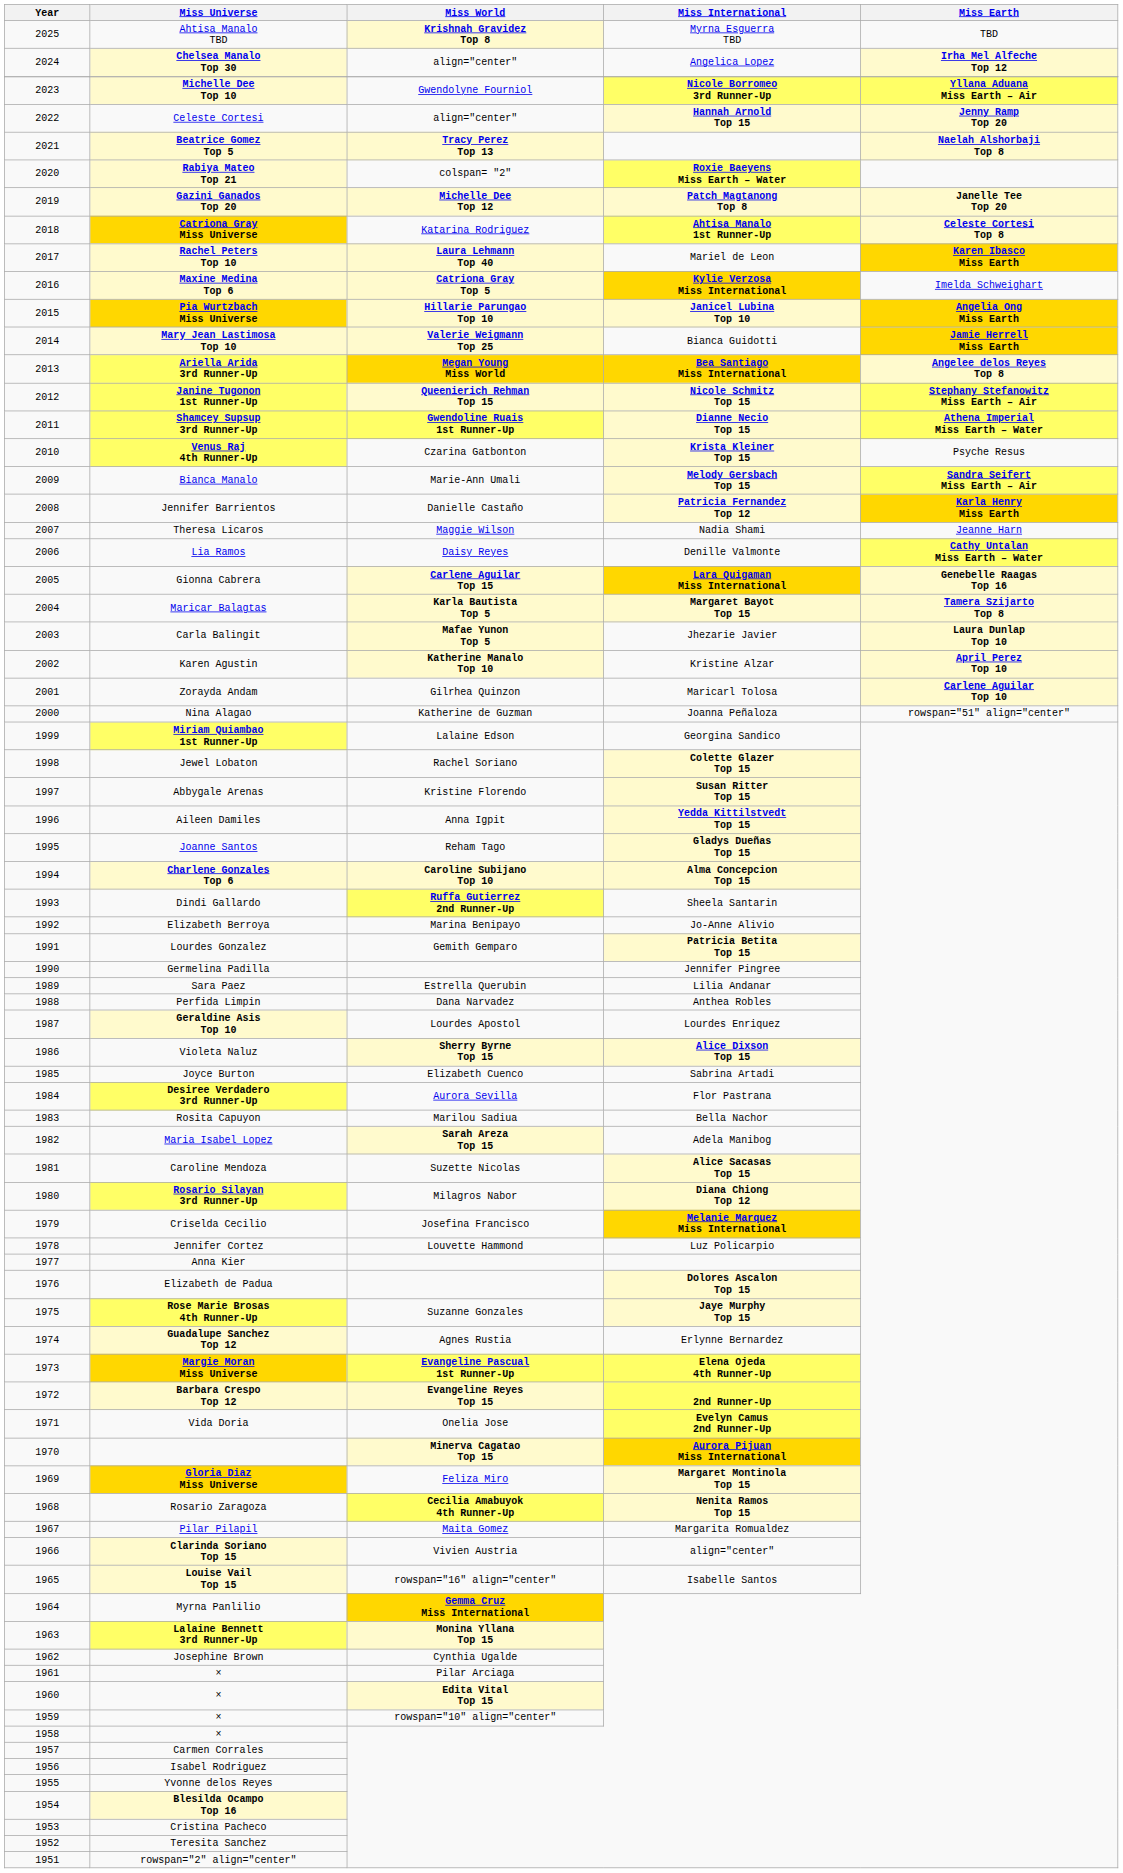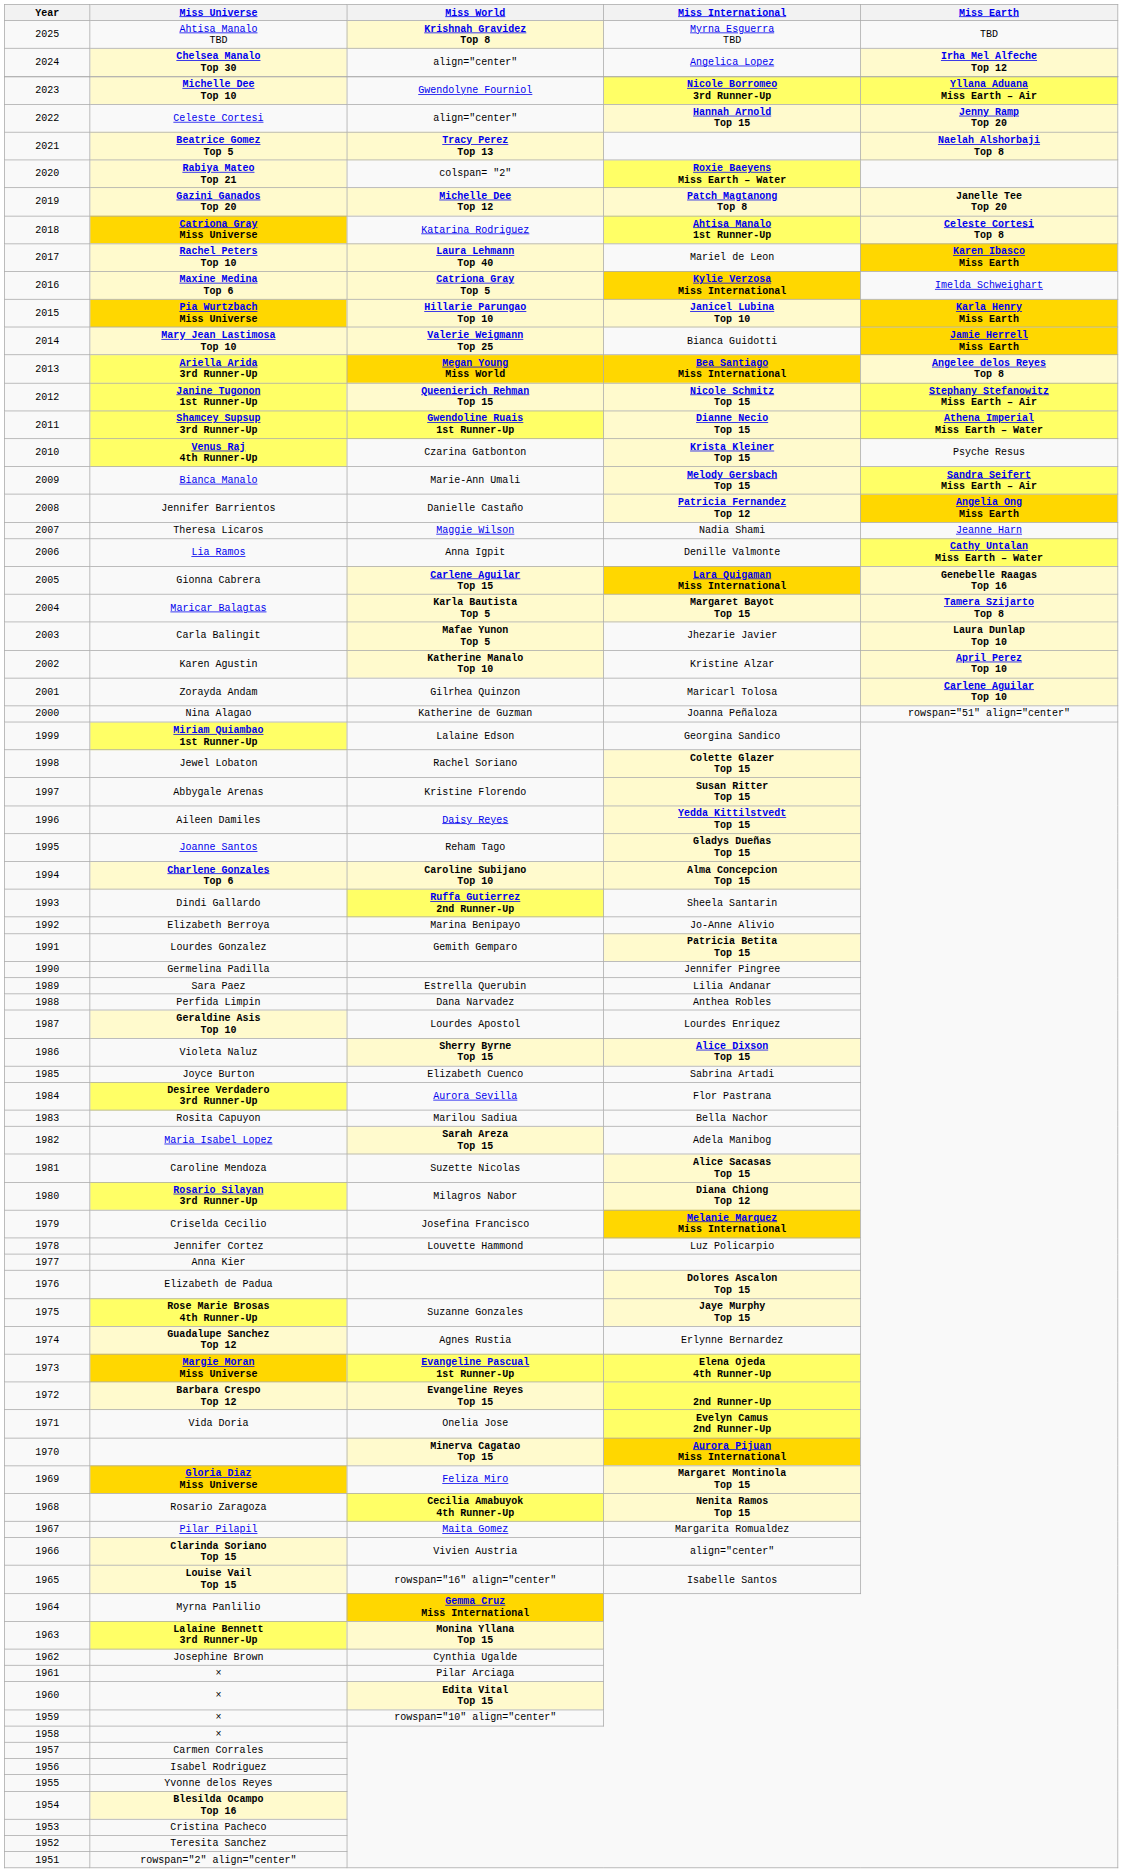 <table class="sortable wikitable" align="center">
 <tr>
 <th width=5%>Year</th>
 <th width=15%><a href='#'>Miss Universe</a></th>
 <th width=15%><a href='#'>Miss World</a></th>
 <th width=15%><a href='#'>Miss International</a></th>
 <th width=15%><a href='#'>Miss Earth</a></th>
 </tr>
 <tr align="center">
 <td>2025</td>
 <td><a href='#'>Ahtisa Manalo</a><br> TBD</td>
 <td bgcolor="#FFFACD"><strong><a href='#'>Krishnah Gravidez</a><br> Top 8</strong></td>
 <td><a href='#'>Myrna Esguerra</a><br>TBD</td>
 <td>TBD</td>
 </tr>
 <tr align="center">
 <td>2024</td>
 <td bgcolor="#FFFACD"><strong><a href='#'>Chelsea Manalo</a><br>Top 30</strong></td>
 <td>align="center" </td>
 <td><a href='#'>Angelica Lopez</a></td>
 <td bgcolor="#FFFACD"><strong><a href='#'>Irha Mel Alfeche</a> <br> Top 12</strong></td>
 </tr>
 <tr align="center">
 </tr>
 <tr align="center">
 <td>2023</td>
 <td bgcolor="#FFFACD"><strong><a href='#'>Michelle Dee</a><br>Top 10</strong></td>
 <td><a href='#'>Gwendolyne Fourniol</a></td>
 <td bgcolor="#FFFF66"><strong><a href='#'>Nicole Borromeo</a><br>3rd Runner-Up</strong></td>
 <td bgcolor="#FFFF66"><strong><a href='#'>Yllana Aduana</a> <br>Miss Earth – Air</strong></td>
 </tr>
 <tr align="center">
 <td>2022</td>
 <td><a href='#'>Celeste Cortesi</a></td>
 <td>align="center" </td>
 <td bgcolor="#FFFACD"><strong><a href='#'>Hannah Arnold</a><br>Top 15</strong></td>
 <td bgcolor="#FFFACD"><strong><a href='#'>Jenny Ramp</a> <br> Top 20</strong></td>
 </tr>
 <tr align="center">
 <td>2021</td>
 <td bgcolor="#FFFACD"><strong><a href='#'>Beatrice Gomez</a></strong><br><strong>Top 5</strong></td>
 <td bgcolor="#FFFACD"><strong><a href='#'>Tracy Perez</a><br> Top 13</strong></td>
 <td></td>
 <td bgcolor="#FFFACD"><strong><a href='#'>Naelah Alshorbaji</a><br>Top 8</strong></td>
 </tr>
 <tr align="center">
 <td>2020</td>
 <td bgcolor="#FFFACD"><strong><a href='#'>Rabiya Mateo</a> <br>Top 21</strong></td>
 <td>colspan= "2"</td>
 <td bgcolor="#FFFF66"><strong><a href='#'>Roxie Baeyens</a> <br>Miss Earth – Water</strong></td>
 </tr>
 <tr align="center">
 <td>2019</td>
 <td bgcolor="#FFFACD"><strong><a href='#'>Gazini Ganados</a><br>Top 20</strong></td>
 <td bgcolor="#FFFACD"><strong><a href='#'>Michelle Dee</a><br> Top 12</strong></td>
 <td bgcolor="#FFFACD"><strong><a href='#'>Patch Magtanong</a> <br> Top 8</strong></td>
 <td bgcolor="#FFFACD"><strong>Janelle Tee <br> Top 20</strong></td>
 </tr>
 <tr align="center">
 <td>2018</td>
 <td bgcolor="Gold"><strong><a href='#'>Catriona Gray</a><br>Miss Universe</strong></td>
 <td><a href='#'>Katarina Rodriguez</a></td>
 <td bgcolor="#FFFF66"><strong><a href='#'>Ahtisa Manalo</a> <br> 1st Runner-Up</strong></td>
 <td bgcolor="#FFFACD"><strong><a href='#'>Celeste Cortesi</a> <br> Top 8</strong></td>
 </tr>
 <tr align="center">
 <td>2017</td>
 <td bgcolor="#FFFACD"><strong><a href='#'>Rachel Peters</a> <br> Top 10</strong></td>
 <td bgcolor="#FFFACD"><strong><a href='#'>Laura Lehmann</a> <br> Top 40</strong></td>
 <td>Mariel de Leon</td>
 <td bgcolor="Gold"><strong><a href='#'>Karen Ibasco</a><br>Miss Earth</strong></td>
 </tr>
 <tr align="center">
 <td>2016</td>
 <td bgcolor="#FFFACD"><strong><a href='#'>Maxine Medina</a> <br> Top 6</strong></td>
 <td bgcolor="#FFFACD"><strong><a href='#'>Catriona Gray</a> <br> Top 5</strong></td>
 <td bgcolor="Gold"><strong><a href='#'>Kylie Verzosa</a><br>Miss International</strong></td>
 <td align="center"><a href='#'>Imelda Schweighart</a></td>
 </tr>
 <tr align="center">
 <td>2015</td>
 <td bgcolor="Gold"><strong><a href='#'>Pia Wurtzbach</a> <br>Miss Universe</strong></td>
 <td bgcolor="#FFFACD"><strong><a href='#'>Hillarie Parungao</a> <br> Top 10</strong></td>
 <td bgcolor="#FFFACD"><strong><a href='#'>Janicel Lubina</a> <br> Top 10</strong></td>
-<td bgcolor="Gold"><strong><a href='#'>Angelia Ong</a> <br>Miss Earth</strong></td>
+<td bgcolor="Gold"><strong><a href='#'>Karla Henry</a> <br>Miss Earth</strong></td>
 </tr>
 <tr align="center">
 <td>2014</td>
 <td bgcolor="#FFFACD"><strong><a href='#'>Mary Jean Lastimosa</a> <br> Top 10</strong></td>
 <td bgcolor="#FFFACD"><strong><a href='#'>Valerie Weigmann</a> <br> Top 25</strong></td>
 <td>Bianca Guidotti</td>
 <td bgcolor="Gold"><strong><a href='#'>Jamie Herrell</a><br>Miss Earth</strong></td>
 </tr>
 <tr align="center">
 <td>2013</td>
 <td bgcolor="#FFFF66"><strong><a href='#'>Ariella Arida</a> <br> 3rd Runner-Up</strong></td>
 <td bgcolor="Gold"><strong><a href='#'>Megan Young</a><br>Miss World</strong></td>
 <td bgcolor="Gold"><strong><a href='#'>Bea Santiago</a> <br>Miss International</strong></td>
 <td bgcolor="#FFFACD"><strong><a href='#'>Angelee delos Reyes</a> <br> Top 8</strong></td>
 </tr>
 <tr align="center">
 <td>2012</td>
 <td bgcolor="#FFFF66"><strong><a href='#'>Janine Tugonon</a> <br> 1st Runner-Up</strong></td>
 <td bgcolor="#FFFACD"><strong><a href='#'>Queenierich Rehman</a> <br> Top 15</strong></td>
 <td bgcolor="#FFFACD"><strong><a href='#'>Nicole Schmitz</a> <br> Top 15</strong></td>
 <td bgcolor="#FFFF66"><strong><a href='#'>Stephany Stefanowitz</a> <br>Miss Earth – Air</strong></td>
 </tr>
 <tr align="center">
 <td>2011</td>
 <td bgcolor="#FFFF66"><strong><a href='#'>Shamcey Supsup</a> <br> 3rd Runner-Up</strong></td>
 <td bgcolor="#FFFF66"><strong><a href='#'>Gwendoline Ruais</a> <br> 1st Runner-Up</strong></td>
 <td bgcolor="#FFFACD"><strong><a href='#'>Dianne Necio</a> <br> Top 15</strong></td>
 <td bgcolor="#FFFF66"><strong><a href='#'>Athena Imperial</a> <br> Miss Earth – Water</strong></td>
 </tr>
 <tr align="center">
 <td>2010</td>
 <td bgcolor="#FFFF66"><strong><a href='#'>Venus Raj</a> <br> 4th Runner-Up</strong></td>
 <td>Czarina Gatbonton</td>
 <td bgcolor="#FFFACD"><strong><a href='#'>Krista Kleiner</a> <br> Top 15</strong></td>
 <td>Psyche Resus</td>
 </tr>
 <tr align="center">
 <td>2009</td>
 <td><a href='#'>Bianca Manalo</a></td>
 <td>Marie-Ann Umali</td>
 <td bgcolor="#FFFACD"><strong><a href='#'>Melody Gersbach</a> <br> Top 15</strong></td>
 <td bgcolor="#FFFF66"><strong><a href='#'>Sandra Seifert</a> <br> Miss Earth – Air</strong></td>
 </tr>
 <tr align="center">
 <td>2008</td>
 <td>Jennifer Barrientos</td>
 <td>Danielle Castaño</td>
 <td bgcolor="#FFFACD"><strong><a href='#'>Patricia Fernandez</a> <br> Top 12</strong></td>
-<td bgcolor="Gold"><strong><a href='#'>Karla Henry</a> <br>Miss Earth</strong></td>
+<td bgcolor="Gold"><strong><a href='#'>Angelia Ong</a> <br>Miss Earth</strong></td>
 </tr>
 <tr align="center">
 <td>2007</td>
 <td>Theresa Licaros</td>
 <td><a href='#'>Maggie Wilson</a></td>
 <td>Nadia Shami</td>
 <td><a href='#'>Jeanne Harn</a></td>
 </tr>
 <tr align="center">
 <td>2006</td>
 <td><a href='#'>Lia Ramos</a></td>
-<td align="center"><a href='#'>Daisy Reyes</a></td>
+<td>Anna Igpit</td>
 <td>Denille Valmonte</td>
 <td bgcolor="#FFFF66"><strong><a href='#'>Cathy Untalan</a> <br> Miss Earth – Water</strong></td>
 </tr>
 <tr align="center">
 <td>2005</td>
 <td align="center">Gionna Cabrera</td>
 <td bgcolor="#FFFACD"><strong><a href='#'>Carlene Aguilar</a> <br> Top 15</strong></td>
 <td bgcolor="Gold"><strong><a href='#'>Lara Quigaman</a> <br>Miss International</strong></td>
 <td bgcolor="#FFFACD"><strong>Genebelle Raagas <br> Top 16</strong></td>
 </tr>
 <tr align="center">
 <td>2004</td>
 <td><a href='#'>Maricar Balagtas</a></td>
 <td bgcolor="#FFFACD"><strong>Karla Bautista<br> Top 5</strong></td>
 <td bgcolor="#FFFACD"><strong>Margaret Bayot<br> Top 15</strong></td>
 <td bgcolor="#FFFACD"><strong><a href='#'>Tamera Szijarto</a><br> Top 8</strong></td>
 </tr>
 <tr align="center">
 <td>2003</td>
 <td>Carla Balingit</td>
 <td bgcolor="#FFFACD"><strong>Mafae Yunon <br> Top 5</strong></td>
 <td>Jhezarie Javier</td>
 <td bgcolor="#FFFACD"><strong>Laura Dunlap <br> Top 10</strong></td>
 </tr>
 <tr align="center">
 <td>2002</td>
 <td>Karen Agustin</td>
 <td bgcolor="#FFFACD"><strong>Katherine Manalo <br> Top 10</strong></td>
 <td>Kristine Alzar</td>
 <td bgcolor="#FFFACD"><strong><a href='#'>April Perez</a> <br> Top 10</strong></td>
 </tr>
 <tr align="center">
 <td>2001</td>
 <td>Zorayda Andam</td>
 <td>Gilrhea Quinzon</td>
 <td>Maricarl Tolosa</td>
 <td bgcolor="#FFFACD"><strong><a href='#'>Carlene Aguilar</a><br> Top 10</strong></td>
 </tr>
 <tr align="center">
 <td>2000</td>
 <td>Nina Alagao</td>
 <td>Katherine de Guzman</td>
 <td>Joanna Peñaloza</td>
 <td>rowspan="51" align="center" </td>
 </tr>
 <tr align="center">
 <td>1999</td>
 <td bgcolor="#FFFF66"><strong><a href='#'>Miriam Quiambao</a><br> 1st Runner-Up</strong></td>
 <td>Lalaine Edson</td>
 <td>Georgina Sandico</td>
 </tr>
 <tr align="center">
 <td>1998</td>
 <td>Jewel Lobaton</td>
 <td>Rachel Soriano</td>
 <td bgcolor="#FFFACD"><strong>Colette Glazer <br> Top 15</strong></td>
 </tr>
 <tr align="center">
 <td>1997</td>
 <td>Abbygale Arenas</td>
 <td>Kristine Florendo</td>
 <td bgcolor="#FFFACD"><strong>Susan Ritter<br>Top 15</strong></td>
 </tr>
 <tr align="center">
 <td>1996</td>
 <td align="center">Aileen Damiles</td>
-<td>Anna Igpit</td>
+<td align="center"><a href='#'>Daisy Reyes</a></td>
 <td bgcolor="#FFFACD"><strong><a href='#'>Yedda Kittilstvedt</a><br>Top 15</strong></td>
 </tr>
 <tr align="center">
 <td>1995</td>
 <td><a href='#'>Joanne Santos</a></td>
 <td>Reham Tago</td>
 <td bgcolor="#FFFACD"><strong>Gladys Dueñas<br>Top 15</strong></td>
 </tr>
 <tr align="center">
 <td>1994</td>
 <td bgcolor="#FFFACD"><strong><a href='#'>Charlene Gonzales</a><br>Top 6</strong></td>
 <td bgcolor="#FFFACD"><strong>Caroline Subijano<br>Top 10</strong></td>
 <td bgcolor="#FFFACD"><strong>Alma Concepcion<br>Top 15</strong></td>
 </tr>
 <tr align="center">
 <td>1993</td>
 <td>Dindi Gallardo</td>
 <td bgcolor="#FFFF66"><strong><a href='#'>Ruffa Gutierrez</a><br>2nd Runner-Up</strong></td>
 <td>Sheela Santarin</td>
 </tr>
 <tr align="center">
 <td>1992</td>
 <td>Elizabeth Berroya</td>
 <td>Marina Benipayo</td>
 <td>Jo-Anne Alivio</td>
 </tr>
 <tr align="center">
 <td>1991</td>
 <td>Lourdes Gonzalez</td>
 <td>Gemith Gemparo</td>
 <td bgcolor="#FFFACD"><strong>Patricia Betita<br>Top 15</strong></td>
 </tr>
 <tr align="center">
 <td>1990</td>
 <td>Germelina Padilla</td>
 <td></td>
 <td>Jennifer Pingree</td>
 </tr>
 <tr align="center">
 <td>1989</td>
 <td>Sara Paez</td>
 <td>Estrella Querubin</td>
 <td>Lilia Andanar</td>
 </tr>
 <tr align="center">
 <td>1988</td>
 <td>Perfida Limpin</td>
 <td>Dana Narvadez</td>
 <td>Anthea Robles</td>
 </tr>
 <tr align="center">
 <td>1987</td>
 <td bgcolor="#FFFACD"><strong>Geraldine Asis<br>Top 10</strong></td>
 <td>Lourdes Apostol</td>
 <td>Lourdes Enriquez</td>
 </tr>
 <tr align="center">
 <td>1986</td>
 <td>Violeta Naluz</td>
 <td bgcolor="#FFFACD"><strong>Sherry Byrne<br>Top 15</strong></td>
 <td bgcolor="#FFFACD"><strong><a href='#'>Alice Dixson</a><br>Top 15</strong></td>
 </tr>
 <tr align="center">
 <td>1985</td>
 <td>Joyce Burton</td>
 <td>Elizabeth Cuenco</td>
 <td>Sabrina Artadi</td>
 </tr>
 <tr align="center">
 <td>1984</td>
 <td bgcolor="#FFFF66"><strong>Desiree Verdadero<br>3rd Runner-Up</strong></td>
 <td><a href='#'>Aurora Sevilla</a></td>
 <td>Flor Pastrana</td>
 </tr>
 <tr align="center">
 <td>1983</td>
 <td>Rosita Capuyon</td>
 <td>Marilou Sadiua</td>
 <td>Bella Nachor</td>
 </tr>
 <tr align="center">
 <td>1982</td>
 <td><a href='#'>Maria Isabel Lopez</a></td>
 <td bgcolor="#FFFACD"><strong>Sarah Areza<br>Top 15</strong></td>
 <td>Adela Manibog</td>
 </tr>
 <tr align="center">
 <td>1981</td>
 <td>Caroline Mendoza</td>
 <td>Suzette Nicolas</td>
 <td bgcolor="#FFFACD"><strong>Alice Sacasas<br>Top 15</strong></td>
 </tr>
 <tr align="center">
 <td>1980</td>
 <td bgcolor="#FFFF66"><strong><a href='#'>Rosario Silayan</a><br>3rd Runner-Up</strong></td>
 <td>Milagros Nabor</td>
 <td bgcolor="#FFFACD"><strong>Diana Chiong <br>Top 12</strong></td>
 </tr>
 <tr align="center">
 <td>1979</td>
 <td>Criselda Cecilio</td>
 <td>Josefina Francisco</td>
 <td bgcolor="Gold"><strong><a href='#'>Melanie Marquez</a><br>Miss International</strong></td>
 </tr>
 <tr align="center">
 <td>1978</td>
 <td>Jennifer Cortez</td>
 <td align="center">Louvette Hammond</td>
 <td>Luz Policarpio</td>
 </tr>
 <tr align="center">
 <td>1977</td>
 <td>Anna Kier</td>
 <td></td>
 <td></td>
 </tr>
 <tr align="center">
 <td>1976</td>
 <td>Elizabeth de Padua</td>
 <td></td>
 <td bgcolor="#FFFACD"><strong>Dolores Ascalon<br>Top 15</strong></td>
 </tr>
 <tr align="center">
 <td>1975</td>
 <td bgcolor="#FFFF66"><strong>Rose Marie Brosas<br>4th Runner-Up</strong></td>
 <td>Suzanne Gonzales</td>
 <td bgcolor="#FFFACD"><strong>Jaye Murphy<br>Top 15</strong></td>
 </tr>
 <tr align="center">
 <td>1974</td>
 <td bgcolor="#FFFACD"><strong>Guadalupe Sanchez<br>Top 12</strong></td>
 <td>Agnes Rustia</td>
 <td>Erlynne Bernardez</td>
 </tr>
 <tr align="center">
 <td>1973</td>
 <td bgcolor="Gold"><strong><a href='#'>Margie Moran</a><br>Miss Universe</strong></td>
 <td bgcolor="#FFFF66"><strong><a href='#'>Evangeline Pascual</a><br>1st Runner-Up</strong></td>
 <td bgcolor="#FFFF66"><strong>Elena Ojeda<br>4th Runner-Up</strong></td>
 </tr>
 <tr align="center">
 <td>1972</td>
 <td bgcolor="#FFFACD"><strong>Barbara Crespo<br>Top 12</strong></td>
 <td bgcolor="#FFFACD"><strong>Evangeline Reyes<br>Top 15</strong></td>
 <td bgcolor="#FFFF66"><strong><br>2nd Runner-Up</strong></td>
 </tr>
 <tr align="center">
 <td>1971</td>
 <td align="center">Vida Doria</td>
 <td>Onelia Jose</td>
 <td bgcolor="#FFFF66"><strong>Evelyn Camus<br>2nd Runner-Up</strong></td>
 </tr>
 <tr align="center">
 <td>1970</td>
 <td></td>
 <td bgcolor="#FFFACD"><strong>Minerva Cagatao<br>Top 15</strong></td>
 <td bgcolor="Gold"><strong><a href='#'>Aurora Pijuan</a><br>Miss International</strong></td>
 </tr>
 <tr align="center">
 <td>1969</td>
 <td bgcolor="Gold"><strong><a href='#'>Gloria Diaz</a><br>Miss Universe</strong></td>
 <td><a href='#'>Feliza Miro</a></td>
 <td bgcolor="#FFFACD"><strong>Margaret Montinola<br>Top 15</strong></td>
 </tr>
 <tr align="center">
 <td>1968</td>
 <td>Rosario Zaragoza</td>
 <td bgcolor="#FFFF66"><strong>Cecilia Amabuyok<br>4th Runner-Up</strong></td>
 <td bgcolor="#FFFACD"><strong>Nenita Ramos<br>Top 15</strong></td>
 </tr>
 <tr align="center">
 <td>1967</td>
 <td><a href='#'>Pilar Pilapil</a></td>
 <td><a href='#'>Maita Gomez</a></td>
 <td>Margarita Romualdez</td>
 </tr>
 <tr align="center">
 <td>1966</td>
 <td bgcolor="#FFFACD"><strong>Clarinda Soriano<br>Top 15</strong></td>
 <td>Vivien Austria</td>
 <td>align="center" </td>
 </tr>
 <tr align="center">
 <td>1965</td>
 <td bgcolor="#FFFACD"><strong>Louise Vail<br>Top 15</strong></td>
 <td>rowspan="16" align="center" </td>
 <td>Isabelle Santos</td>
 </tr>
 <tr align="center">
 <td>1964</td>
 <td>Myrna Panlilio</td>
 <td bgcolor="Gold"><strong><a href='#'>Gemma Cruz</a><br>Miss International</strong></td>
 </tr>
 <tr align="center">
 <td>1963</td>
 <td bgcolor="#FFFF66"><strong>Lalaine Bennett<br>3rd Runner-Up</strong></td>
 <td bgcolor="#FFFACD"><strong>Monina Yllana<br>Top 15</strong></td>
 </tr>
 <tr align="center">
 <td>1962</td>
 <td>Josephine Brown</td>
 <td>Cynthia Ugalde</td>
 </tr>
 <tr align="center">
 <td>1961</td>
 <td>×</td>
 <td>Pilar Arciaga</td>
 </tr>
 <tr align="center">
 <td>1960</td>
 <td>×</td>
 <td bgcolor="#FFFACD"><strong>Edita Vital<br>Top 15</strong></td>
 </tr>
 <tr align="center">
 <td>1959</td>
 <td>×</td>
 <td>rowspan="10" align="center" </td>
 </tr>
 <tr align="center">
 <td>1958</td>
 <td>×</td>
 </tr>
 <tr align="center">
 <td>1957</td>
 <td>Carmen Corrales</td>
 </tr>
 <tr align="center">
 <td>1956</td>
 <td>Isabel Rodriguez</td>
 </tr>
 <tr align="center">
 <td>1955</td>
 <td>Yvonne delos Reyes</td>
 </tr>
 <tr align="center">
 <td>1954</td>
 <td bgcolor="#FFFACD"><strong>Blesilda Ocampo<br>Top 16</strong></td>
 </tr>
 <tr align="center">
 <td>1953</td>
 <td>Cristina Pacheco</td>
 </tr>
 <tr align="center">
 <td>1952</td>
 <td>Teresita Sanchez</td>
 </tr>
 <tr align="center">
 <td>1951</td>
 <td>rowspan="2" align="center" </td>
 </tr>
 </table>
